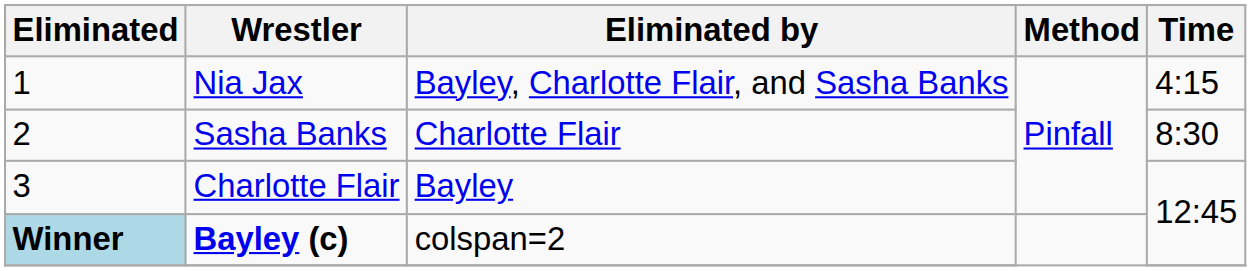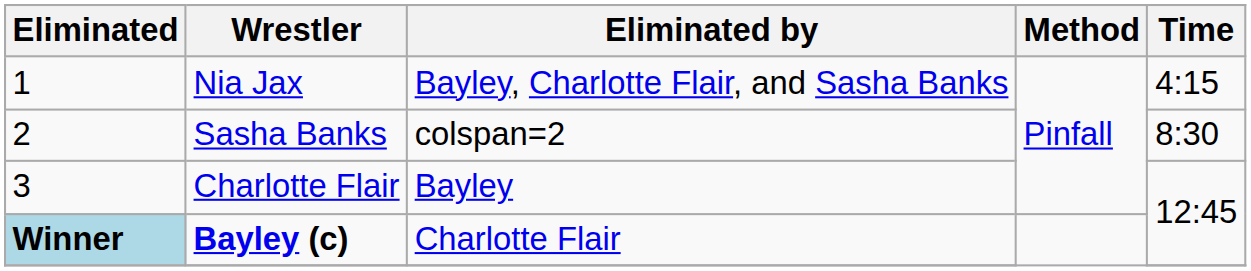 <table class="wikitable sortable">
 <tr>
 <th>Eliminated</th>
 <th>Wrestler</th>
 <th>Eliminated by</th>
 <th>Method</th>
 <th>Time</th>
 </tr>
 <tr>
 <td>1</td>
 <td><a href='#'>Nia Jax</a></td>
 <td><a href='#'>Bayley</a>, <a href='#'>Charlotte Flair</a>, and <a href='#'>Sasha Banks</a></td>
 <td rowspan=3><a href='#'>Pinfall</a></td>
 <td>4:15</td>
 </tr>
 <tr>
 <td>2</td>
 <td><a href='#'>Sasha Banks</a></td>
-<td><a href='#'>Charlotte Flair</a></td>
+<td>colspan=2 </td>
 <td>8:30</td>
 </tr>
 <tr>
 <td>3</td>
 <td><a href='#'>Charlotte Flair</a></td>
 <td><a href='#'>Bayley</a></td>
 <td rowspan=2>12:45</td>
 </tr>
 <tr>
 <td style="background: lightblue;"><strong>Winner</strong></td>
 <td><strong><a href='#'>Bayley</a> (c)</strong></td>
-<td>colspan=2 </td>
+<td><a href='#'>Charlotte Flair</a></td>
 </tr>
 <tr>
 </tr>
 </table>
